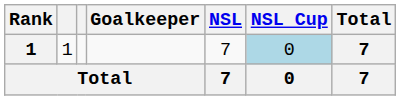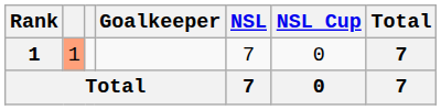 <table class="wikitable sortable" style="text-align:center">
 <tr>
 <th>Rank</th>
 <th></th>
 <th></th>
 <th>Goalkeeper</th>
 <th><a href='#'>NSL</a></th>
 <th><a href='#'>NSL Cup</a></th>
 <th>Total</th>
 </tr>
 <tr>
 <th>1</th>
-<td>1</td>
+<td style="background: lightsalmon;">1</td>
 <td></td>
 <td align="left"></td>
 <td>7</td>
-<td style="background: lightblue;">0</td>
+<td>0</td>
 <th>7</th>
 </tr>
 <tr>
 <th colspan="4">Total</th>
 <th>7</th>
 <th>0</th>
 <th>7</th>
 </tr>
 </table>
